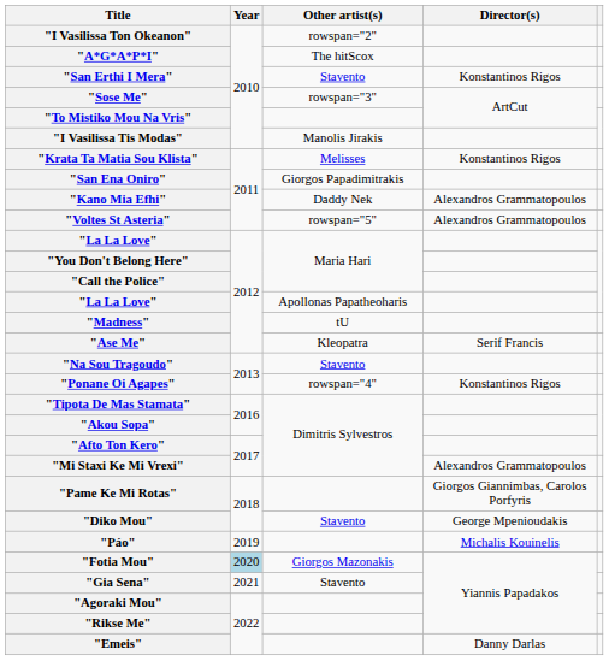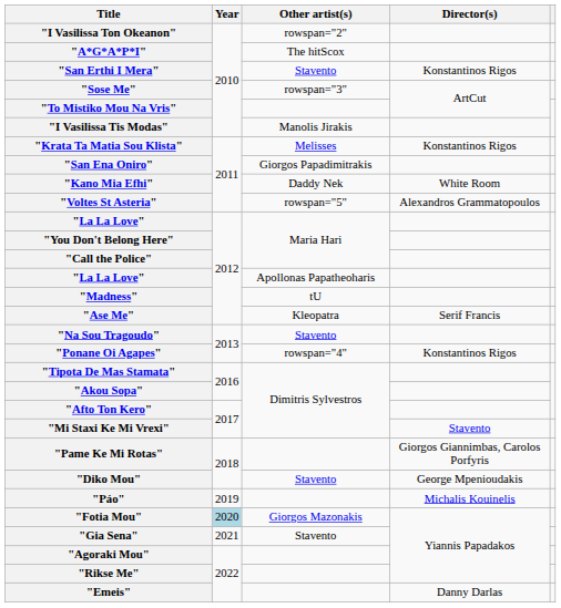 <table class="wikitable plainrowheaders" style="text-align:center;">
 <tr>
 <th scope="col" style="width:17em;">Title</th>
 <th scope="col">Year</th>
 <th scope="col" style="width:12em;">Other artist(s)</th>
 <th scope="col" style="width:13em;">Director(s)</th>
 <th scope="col"></th>
 </tr>
 <tr>
 <th scope="row">"I Vasilissa Ton Okeanon"</th>
 <td rowspan="6">2010</td>
 <td>rowspan="2" </td>
 <td></td>
 <td></td>
 </tr>
 <tr>
 <th scope="row">"<a href='#'>A*G*A*P*I</a>"</th>
 <td>The hitScox</td>
 <td></td>
 </tr>
 <tr>
 <th scope="row">"<a href='#'>San Erthi I Mera</a>"</th>
 <td><a href='#'>Stavento</a></td>
 <td>Konstantinos Rigos</td>
 <td></td>
 </tr>
 <tr>
 <th scope="row">"<a href='#'>Sose Me</a>"</th>
 <td>rowspan="3" </td>
 <td rowspan="2">ArtCut</td>
 <td></td>
 </tr>
 <tr>
 <th scope="row">"<a href='#'>To Mistiko Mou Na Vris</a>"</th>
 <td></td>
 </tr>
 <tr>
 <th scope="row">"I Vasilissa Tis Modas"</th>
 <td>Manolis Jirakis</td>
 <td></td>
 </tr>
 <tr>
 <th scope="row">"<a href='#'>Krata Ta Matia Sou Klista</a>"</th>
 <td rowspan="4">2011</td>
 <td><a href='#'>Melisses</a></td>
 <td>Konstantinos Rigos</td>
 <td></td>
 </tr>
 <tr>
 <th scope="row">"<a href='#'>San Ena Oniro</a>"</th>
 <td>Giorgos Papadimitrakis</td>
 <td></td>
 <td></td>
 </tr>
 <tr>
 <th scope="row">"<a href='#'>Kano Mia Efhi</a>"</th>
 <td>Daddy Nek</td>
-<td>Alexandros Grammatopoulos</td>
+<td>White Room</td>
 <td></td>
 </tr>
 <tr>
 <th scope="row">"<a href='#'>Voltes St Asteria</a>"</th>
 <td>rowspan="5" </td>
 <td>Alexandros Grammatopoulos</td>
 <td></td>
 </tr>
 <tr>
 <th scope="row">"<a href='#'>La La Love</a>" </th>
 <td rowspan="6">2012</td>
 <td rowspan="3">Maria Hari</td>
 <td></td>
 </tr>
 <tr>
 <th scope="row">"You Don't Belong Here" </th>
 <td></td>
 </tr>
 <tr>
 <th scope="row">"Call the Police" </th>
 <td></td>
 </tr>
 <tr>
 <th scope="row">"<a href='#'>La La Love</a>"</th>
 <td>Apollonas Papatheoharis</td>
 <td></td>
 </tr>
 <tr>
 <th scope="row">"<a href='#'>Madness</a>"</th>
 <td>tU</td>
 <td></td>
 <td></td>
 </tr>
 <tr>
 <th scope="row">"<a href='#'>Ase Me</a>"</th>
 <td>Kleopatra</td>
 <td>Serif Francis</td>
 <td></td>
 </tr>
 <tr>
 <th scope="row">"<a href='#'>Na Sou Tragoudo</a>"</th>
 <td rowspan="2">2013</td>
 <td><a href='#'>Stavento</a></td>
 <td></td>
 <td></td>
 </tr>
 <tr>
 <th scope="row">"<a href='#'>Ponane Oi Agapes</a>"</th>
 <td>rowspan="4" </td>
 <td>Konstantinos Rigos</td>
 <td></td>
 </tr>
 <tr>
 <th scope="row">"<a href='#'>Tipota De Mas Stamata</a>"</th>
 <td rowspan="2">2016</td>
 <td rowspan="4">Dimitris Sylvestros</td>
 <td></td>
 </tr>
 <tr>
 <th scope="row">"<a href='#'>Akou Sopa</a>"</th>
 <td></td>
 </tr>
 <tr>
 <th scope="row">"<a href='#'>Afto Ton Kero</a>"</th>
 <td rowspan="2">2017</td>
 <td></td>
 </tr>
 <tr>
 <th scope="row">"Mi Staxi Ke Mi Vrexi"</th>
-<td>Alexandros Grammatopoulos</td>
+<td><a href='#'>Stavento</a></td>
 <td></td>
 </tr>
 <tr>
 <th scope="row">"Pame Ke Mi Rotas"</th>
 <td rowspan="2">2018</td>
 <td></td>
 <td>Giorgos Giannimbas, Carolos Porfyris</td>
 <td></td>
 </tr>
 <tr>
 <th scope="row">"Diko Mou"</th>
 <td><a href='#'>Stavento</a></td>
 <td>George Mpenioudakis</td>
 <td></td>
 </tr>
 <tr>
 <th scope="row">"Páo"</th>
 <td rowspan="1">2019</td>
 <td></td>
 <td><a href='#'>Michalis Kouinelis</a></td>
 <td></td>
 </tr>
 <tr>
 <th scope="row">"Fotia Mou"</th>
 <td style="background: lightblue;">2020</td>
 <td><a href='#'>Giorgos Mazonakis</a></td>
 <td rowspan="4">Yiannis Papadakos</td>
 <td></td>
 </tr>
 <tr>
 <th scope="row">"Gia Sena"</th>
 <td>2021</td>
 <td>Stavento</td>
 <td></td>
 </tr>
 <tr>
 <th scope="row">"Agoraki Mou"</th>
 <td rowspan="3">2022</td>
 <td></td>
 <td></td>
 </tr>
 <tr>
 <th scope="row">"Rikse Me"</th>
 <td></td>
 <td></td>
 </tr>
 <tr>
 <th scope="row">"Emeis"</th>
 <td></td>
 <td>Danny Darlas</td>
 <td></td>
 </tr>
 </table>
